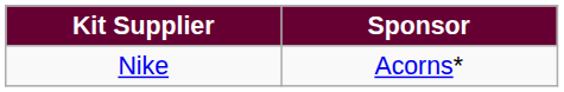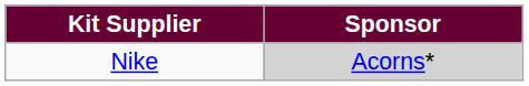 <table class="wikitable"  style="text-align:center; font-size:90%; ">
 <tr>
 <th style="background:#660033;color:#FFFFFF; width:150px;">Kit Supplier</th>
 <th style="background:#660033;color:#FFFFFF; width:150px;">Sponsor</th>
 </tr>
 <tr>
 <td><a href='#'>Nike</a></td>
-<td><a href='#'>Acorns</a>*</td>
+<td style="background: lightgrey;"><a href='#'>Acorns</a>*</td>
 </tr>
 </table>
